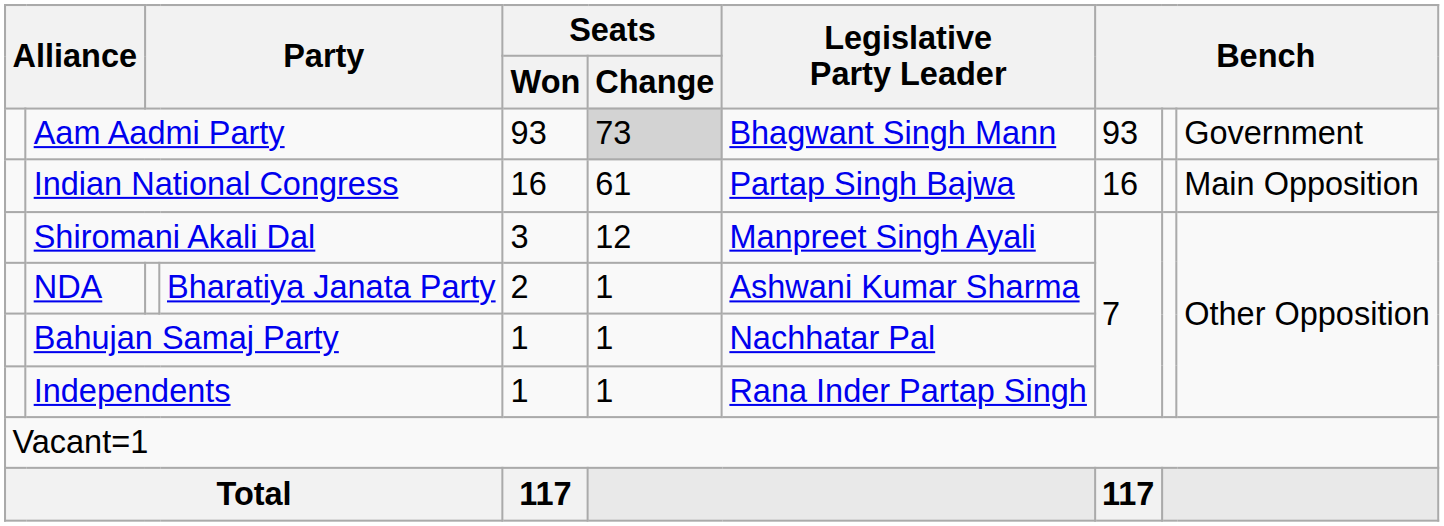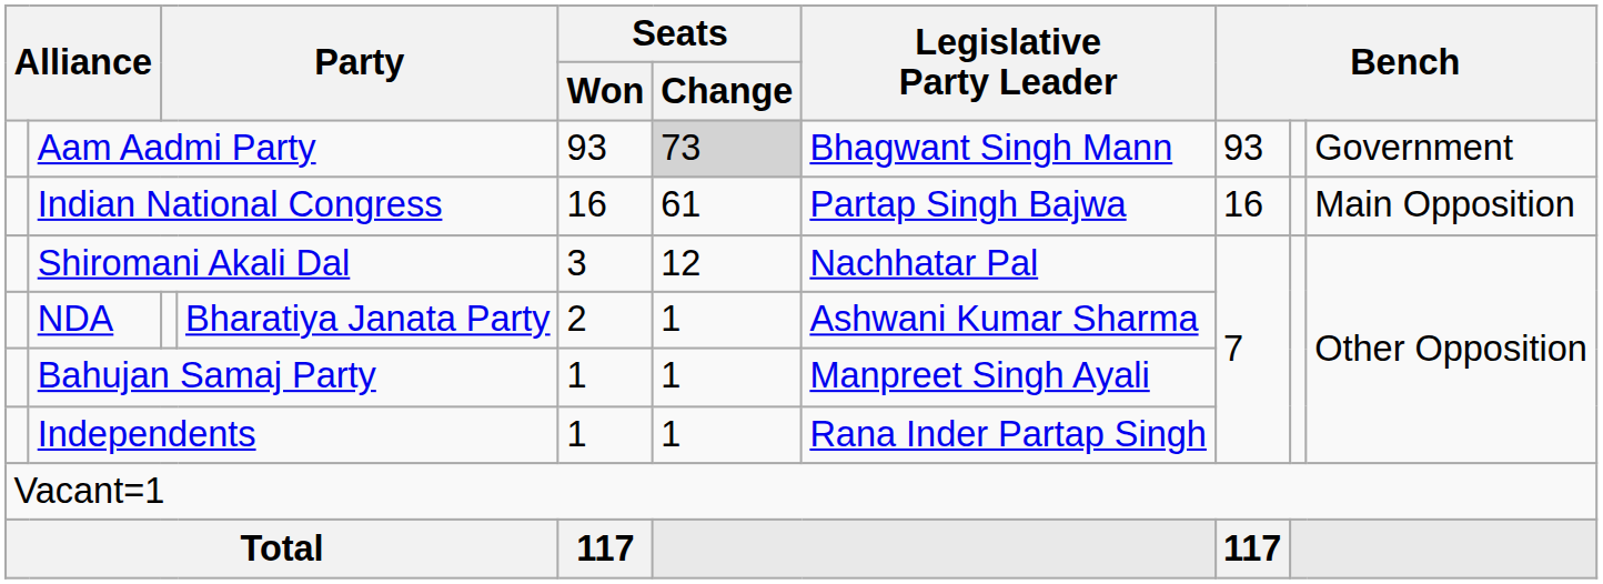 <table class="wikitable">
 <tr>
 <th colspan="2" rowspan="2">Alliance</th>
 <th colspan="2" rowspan="2">Party</th>
 <th colspan="2">Seats</th>
 <th rowspan="2">Legislative<br>Party Leader</th>
 <th colspan="3" rowspan="2">Bench</th>
 </tr>
 <tr>
 <th>Won </th>
 <th>Change</th>
 </tr>
 <tr>
 <td></td>
 <td colspan="3"><a href='#'>Aam Aadmi Party</a></td>
 <td>93</td>
 <td style="background: lightgrey;"> 73</td>
 <td><a href='#'>Bhagwant Singh Mann</a></td>
 <td rowspan="1">93</td>
 <td rowspan="1"></td>
 <td rowspan="1">Government</td>
 </tr>
 <tr>
 <td></td>
 <td colspan="3"><a href='#'>Indian National Congress</a></td>
 <td>16</td>
 <td> 61</td>
 <td><a href='#'>Partap Singh Bajwa</a></td>
 <td rowspan="1">16</td>
 <td rowspan="1"></td>
 <td rowspan="1">Main Opposition</td>
 </tr>
 <tr>
 <td></td>
 <td colspan="3"><a href='#'>Shiromani Akali Dal</a></td>
 <td>3</td>
 <td> 12</td>
-<td><a href='#'>Manpreet Singh Ayali</a></td>
+<td><a href='#'>Nachhatar Pal</a></td>
 <td rowspan=4>7</td>
 <td rowspan=4 bgcolor=></td>
 <td rowspan=4>Other Opposition</td>
 </tr>
 <tr>
 <td rowspan="1"></td>
 <td rowspan="1"><a href='#'>NDA</a></td>
 <td></td>
 <td><a href='#'>Bharatiya Janata Party</a></td>
 <td>2</td>
 <td> 1</td>
 <td><a href='#'>Ashwani Kumar Sharma</a></td>
 </tr>
 <tr>
 <td></td>
 <td colspan="3"><a href='#'>Bahujan Samaj Party</a></td>
 <td>1</td>
 <td> 1</td>
-<td><a href='#'>Nachhatar Pal</a></td>
+<td><a href='#'>Manpreet Singh Ayali</a></td>
 </tr>
 <tr>
 <td></td>
 <td colspan="3"><a href='#'>Independents</a></td>
 <td>1</td>
 <td> 1</td>
 <td><a href='#'>Rana Inder Partap Singh</a></td>
 </tr>
 <tr>
 <td colspan=16>Vacant=1</td>
 </tr>
 <tr>
 <th colspan = 4>Total</th>
 <th>117</th>
 <th colspan="2" style="background-color:#E9E9E9"></th>
 <th>117</th>
 <th colspan="2" style="background-color:#E9E9E9"></th>
 </tr>
 </table>
